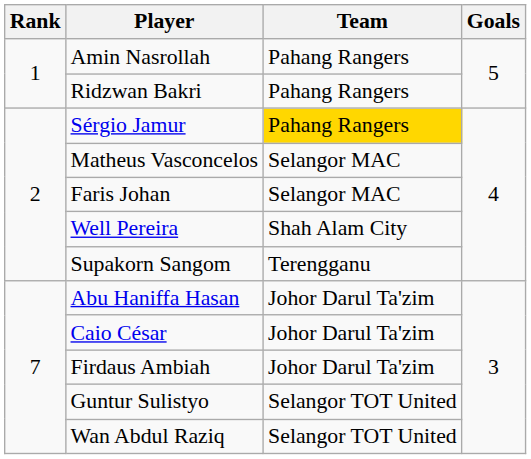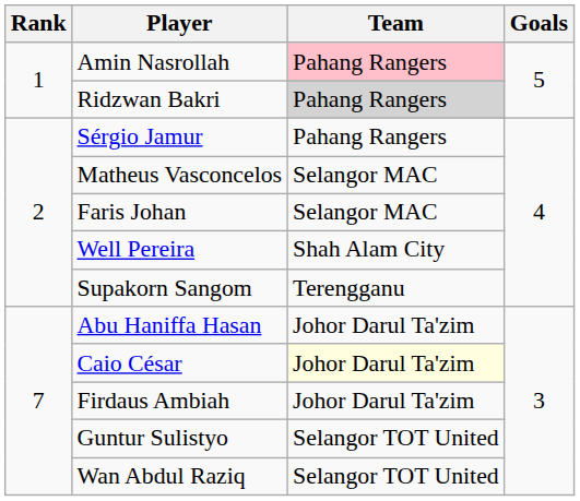 <table class="wikitable">
 <tr>
 <th>Rank</th>
 <th>Player</th>
 <th>Team</th>
 <th>Goals</th>
 </tr>
 <tr>
 <td rowspan="2" align="center">1</td>
 <td> Amin Nasrollah</td>
-<td>Pahang Rangers</td>
+<td style="background: pink;">Pahang Rangers</td>
 <td rowspan="2" align="center">5</td>
 </tr>
 <tr>
 <td> Ridzwan Bakri</td>
-<td>Pahang Rangers</td>
+<td style="background: lightgrey;">Pahang Rangers</td>
 </tr>
 <tr>
 <td rowspan="5" align="center">2</td>
 <td> <a href='#'>Sérgio Jamur</a></td>
-<td style="background: gold;">Pahang Rangers</td>
+<td>Pahang Rangers</td>
 <td rowspan="5" align="center">4</td>
 </tr>
 <tr>
 <td> Matheus Vasconcelos</td>
 <td>Selangor MAC</td>
 </tr>
 <tr>
 <td> Faris Johan</td>
 <td>Selangor MAC</td>
 </tr>
 <tr>
 <td> <a href='#'>Well Pereira</a></td>
 <td>Shah Alam City</td>
 </tr>
 <tr>
 <td> Supakorn Sangom</td>
 <td>Terengganu</td>
 </tr>
 <tr>
 <td rowspan="5" align="center">7</td>
 <td> <a href='#'>Abu Haniffa Hasan</a></td>
 <td>Johor Darul Ta'zim</td>
 <td rowspan="5" align="center">3</td>
 </tr>
 <tr>
 <td> <a href='#'>Caio César</a></td>
-<td>Johor Darul Ta'zim</td>
+<td style="background: lightyellow;">Johor Darul Ta'zim</td>
 </tr>
 <tr>
 <td> Firdaus Ambiah</td>
 <td>Johor Darul Ta'zim</td>
 </tr>
 <tr>
 <td> Guntur Sulistyo</td>
 <td>Selangor TOT United</td>
 </tr>
 <tr>
 <td> Wan Abdul Raziq</td>
 <td>Selangor TOT United</td>
 </tr>
 </table>
